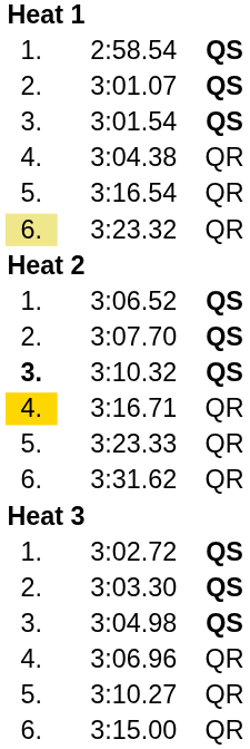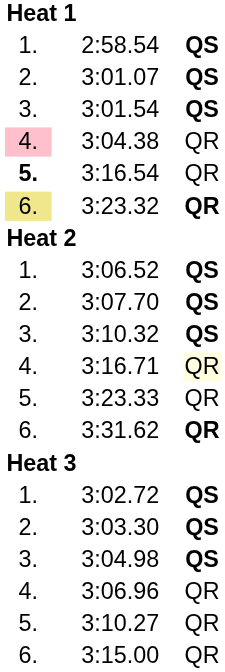 <table style="text-align:center">
 <tr>
 <td colspan=4 align=left><strong>Heat 1</strong></td>
 </tr>
 <tr>
 <td width=30>1.</td>
 <td align=left></td>
 <td width=80>2:58.54</td>
 <td><strong>QS</strong></td>
 </tr>
 <tr>
 <td>2.</td>
 <td align=left></td>
 <td>3:01.07</td>
 <td><strong>QS</strong></td>
 </tr>
 <tr>
 <td>3.</td>
 <td align=left></td>
 <td>3:01.54</td>
 <td><strong>QS</strong></td>
 </tr>
 <tr>
-<td>4.</td>
+<td style="background: pink;">4.</td>
 <td align=left></td>
 <td>3:04.38</td>
 <td>QR</td>
 </tr>
 <tr>
-<td>5.</td>
+<td><strong>5.</strong></td>
 <td align=left></td>
 <td>3:16.54</td>
 <td>QR</td>
 </tr>
 <tr>
 <td style="background: khaki;">6.</td>
 <td align=left></td>
 <td>3:23.32</td>
-<td>QR</td>
+<td><strong>QR</strong></td>
 </tr>
 <tr>
 <td colspan=4 align=left><strong>Heat 2</strong></td>
 </tr>
 <tr>
 <td>1.</td>
 <td align=left></td>
 <td>3:06.52</td>
 <td><strong>QS</strong></td>
 </tr>
 <tr>
 <td>2.</td>
 <td align=left></td>
 <td>3:07.70</td>
 <td><strong>QS</strong></td>
 </tr>
 <tr>
-<td><strong>3.</strong></td>
+<td>3.</td>
 <td align=left></td>
 <td>3:10.32</td>
 <td><strong>QS</strong></td>
 </tr>
 <tr>
-<td style="background: gold;">4.</td>
+<td>4.</td>
 <td align=left></td>
 <td>3:16.71</td>
-<td>QR</td>
+<td style="background: lightyellow;">QR</td>
 </tr>
 <tr>
 <td>5.</td>
 <td align=left></td>
 <td>3:23.33</td>
 <td>QR</td>
 </tr>
 <tr>
 <td>6.</td>
 <td align=left></td>
 <td>3:31.62</td>
-<td>QR</td>
+<td><strong>QR</strong></td>
 </tr>
 <tr>
 <td colspan=4 align=left><strong>Heat 3</strong></td>
 </tr>
 <tr>
 <td>1.</td>
 <td align=left></td>
 <td>3:02.72</td>
 <td><strong>QS</strong></td>
 </tr>
 <tr>
 <td>2.</td>
 <td align=left></td>
 <td>3:03.30</td>
 <td><strong>QS</strong></td>
 </tr>
 <tr>
 <td>3.</td>
 <td align=left></td>
 <td>3:04.98</td>
 <td><strong>QS</strong></td>
 </tr>
 <tr>
 <td>4.</td>
 <td align=left></td>
 <td>3:06.96</td>
 <td>QR</td>
 </tr>
 <tr>
 <td>5.</td>
 <td align=left></td>
 <td>3:10.27</td>
 <td>QR</td>
 </tr>
 <tr>
 <td>6.</td>
 <td align=left></td>
 <td>3:15.00</td>
 <td>QR</td>
 </tr>
 </table>
